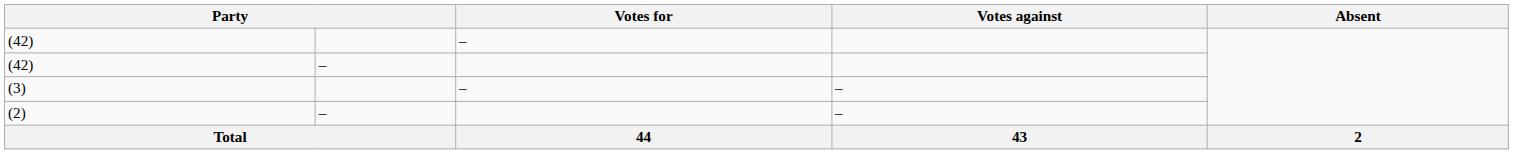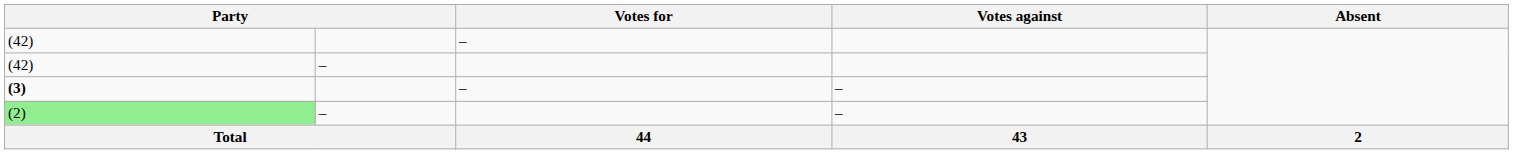 <table class="wikitable" style="width:100%">
 <tr>
 <th style="width:30%;" colspan="2">Party</th>
 <th style="width:25%;">Votes for</th>
 <th style="width:25%;">Votes against</th>
 <th style="width:25%;">Absent</th>
 </tr>
 <tr>
 <td> (42)</td>
 <td></td>
 <td>–</td>
 <td></td>
 </tr>
 <tr>
 <td> (42)</td>
 <td>–</td>
 <td></td>
 <td></td>
 </tr>
 <tr>
-<td> (3)</td>
+<td><strong> (3)</strong></td>
 <td></td>
 <td>–</td>
 <td>–</td>
 </tr>
 <tr>
-<td> (2)</td>
+<td style="background: lightgreen;"> (2)</td>
 <td>–</td>
 <td></td>
 <td>–</td>
 </tr>
 <tr>
 <th colspan=2>Total</th>
 <th>44</th>
 <th>43</th>
 <th>2</th>
 </tr>
 </table>
